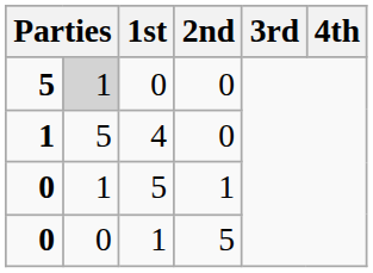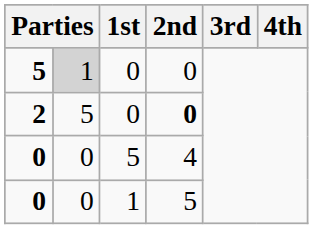 <table class="wikitable" style="text-align:right;">
 <tr>
 <th colspan=2 style="text-align:left;">Parties</th>
 <th>1st</th>
 <th>2nd</th>
 <th>3rd</th>
 <th>4th</th>
 </tr>
 <tr>
 <td><strong>5</strong></td>
 <td style="background: lightgrey;">1</td>
 <td>0</td>
 <td>0</td>
 </tr>
 <tr>
-<td><strong>1</strong></td>
+<td><strong>2</strong></td>
 <td>5</td>
-<td>4</td>
 <td>0</td>
+<td><strong>0</strong></td>
 </tr>
 <tr>
 <td><strong>0</strong></td>
-<td>1</td>
+<td>0</td>
 <td>5</td>
-<td>1</td>
+<td>4</td>
 </tr>
 <tr>
 <td><strong>0</strong></td>
 <td>0</td>
 <td>1</td>
 <td>5</td>
 </tr>
 </table>
